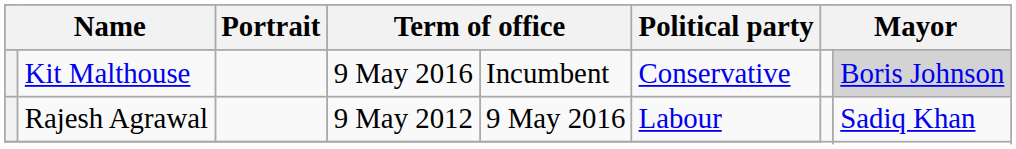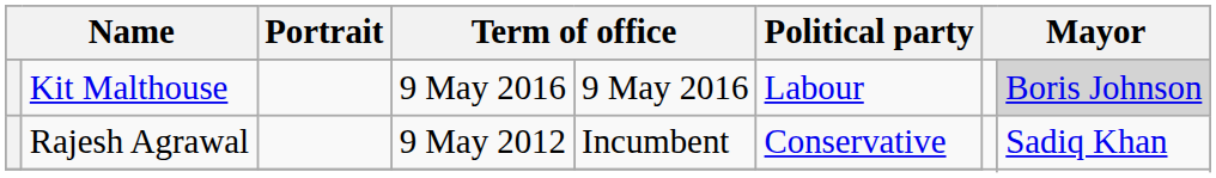 <table class="wikitable">
 <tr>
 <th colspan=2>Name</th>
 <th>Portrait</th>
 <th colspan=2>Term of office</th>
 <th>Political party</th>
 <th colspan=2>Mayor</th>
 </tr>
 <tr>
 <th style="background-color: "></th>
 <td><a href='#'>Kit Malthouse</a> </td>
 <td></td>
 <td>9 May 2016</td>
-<td>Incumbent</td>
-<td><a href='#'>Conservative</a></td>
+<td>9 May 2016</td>
+<td><a href='#'>Labour</a></td>
 <td style="background-color: "></td>
 <td style="background: lightgrey;"><a href='#'>Boris Johnson</a></td>
 </tr>
 <tr>
 <th style="background-color: "></th>
 <td>Rajesh Agrawal</td>
 <td></td>
 <td>9 May 2012</td>
-<td>9 May 2016</td>
-<td><a href='#'>Labour</a></td>
+<td>Incumbent</td>
+<td><a href='#'>Conservative</a></td>
 <td rowspan=3 style="background-color: "></td>
 <td rowspan=3><a href='#'>Sadiq Khan</a></td>
 </tr>
 <tr>
 </tr>
 </table>
